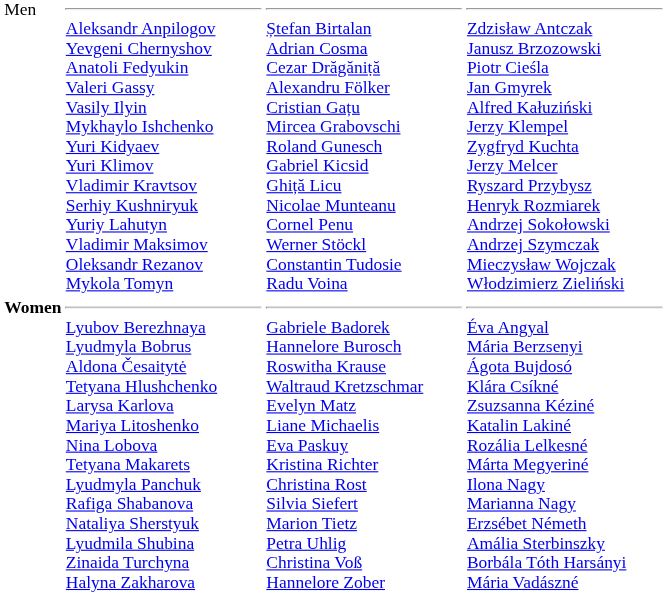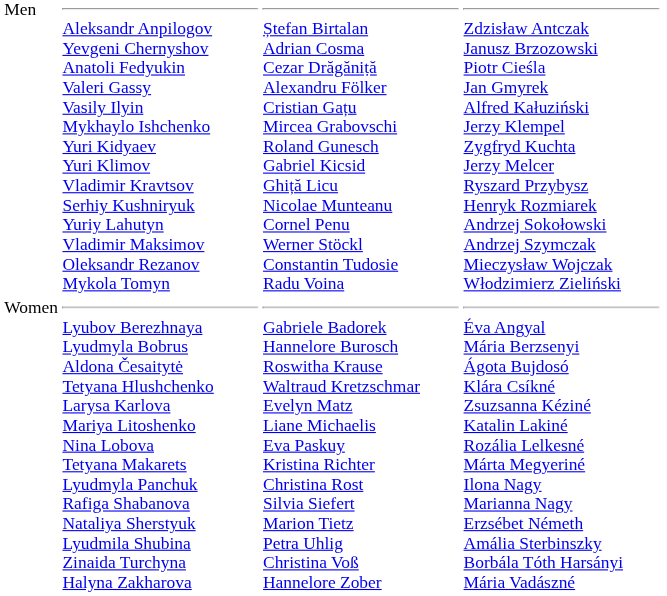 <table>
 <tr valign=top>
 <td>Men <br></td>
 <td width=180><hr> <a href='#'>Aleksandr Anpilogov</a><br><a href='#'>Yevgeni Chernyshov</a><br><a href='#'>Anatoli Fedyukin</a><br><a href='#'>Valeri Gassy</a><br><a href='#'>Vasily Ilyin</a><br><a href='#'>Mykhaylo Ishchenko</a><br><a href='#'>Yuri Kidyaev</a><br><a href='#'>Yuri Klimov</a><br><a href='#'>Vladimir Kravtsov</a><br><a href='#'>Serhiy Kushniryuk</a><br><a href='#'>Yuriy Lahutyn</a><br><a href='#'>Vladimir Maksimov</a><br><a href='#'>Oleksandr Rezanov</a><br><a href='#'>Mykola Tomyn</a></td>
 <td width=180><hr> <a href='#'>Ștefan Birtalan</a><br><a href='#'>Adrian Cosma</a><br><a href='#'>Cezar Drăgăniṭă</a><br><a href='#'>Alexandru Fölker</a><br><a href='#'>Cristian Gațu</a><br><a href='#'>Mircea Grabovschi</a><br><a href='#'>Roland Gunesch</a><br><a href='#'>Gabriel Kicsid</a><br><a href='#'>Ghiță Licu</a><br><a href='#'>Nicolae Munteanu</a><br><a href='#'>Cornel Penu</a><br><a href='#'>Werner Stöckl</a><br><a href='#'>Constantin Tudosie</a><br><a href='#'>Radu Voina</a></td>
 <td width=180><hr> <a href='#'>Zdzisław Antczak</a><br><a href='#'>Janusz Brzozowski</a><br><a href='#'>Piotr Cieśla</a><br><a href='#'>Jan Gmyrek</a><br><a href='#'>Alfred Kałuziński</a><br><a href='#'>Jerzy Klempel</a><br><a href='#'>Zygfryd Kuchta</a><br><a href='#'>Jerzy Melcer</a><br><a href='#'>Ryszard Przybysz</a><br><a href='#'>Henryk Rozmiarek</a><br><a href='#'>Andrzej Sokołowski</a><br><a href='#'>Andrzej Szymczak</a><br><a href='#'>Mieczysław Wojczak</a><br><a href='#'>Włodzimierz Zieliński</a></td>
 </tr>
 <tr valign=top>
-<td><strong>Women <br></strong></td>
+<td>Women <br></td>
 <td width=180><hr> <a href='#'>Lyubov Berezhnaya</a><br><a href='#'>Lyudmyla Bobrus</a><br><a href='#'>Aldona Česaitytė</a><br><a href='#'>Tetyana Hlushchenko</a><br><a href='#'>Larysa Karlova</a><br><a href='#'>Mariya Litoshenko</a><br><a href='#'>Nina Lobova</a><br><a href='#'>Tetyana Makarets</a><br><a href='#'>Lyudmyla Panchuk</a><br><a href='#'>Rafiga Shabanova</a><br><a href='#'>Nataliya Sherstyuk</a><br><a href='#'>Lyudmila Shubina</a><br><a href='#'>Zinaida Turchyna</a><br><a href='#'>Halyna Zakharova</a></td>
 <td width=180><hr> <a href='#'>Gabriele Badorek</a><br><a href='#'>Hannelore Burosch</a><br><a href='#'>Roswitha Krause</a><br><a href='#'>Waltraud Kretzschmar</a><br><a href='#'>Evelyn Matz</a><br><a href='#'>Liane Michaelis</a><br><a href='#'>Eva Paskuy</a><br><a href='#'>Kristina Richter</a><br><a href='#'>Christina Rost</a><br><a href='#'>Silvia Siefert</a><br><a href='#'>Marion Tietz</a><br><a href='#'>Petra Uhlig</a><br><a href='#'>Christina Voß</a><br><a href='#'>Hannelore Zober</a></td>
 <td width=180><hr> <a href='#'>Éva Angyal</a><br><a href='#'>Mária Berzsenyi</a><br><a href='#'>Ágota Bujdosó</a><br><a href='#'>Klára Csíkné</a><br><a href='#'>Zsuzsanna Kéziné</a><br><a href='#'>Katalin Lakiné</a><br><a href='#'>Rozália Lelkesné</a><br><a href='#'>Márta Megyeriné</a><br><a href='#'>Ilona Nagy</a><br><a href='#'>Marianna Nagy</a><br><a href='#'>Erzsébet Németh</a><br><a href='#'>Amália Sterbinszky</a><br><a href='#'>Borbála Tóth Harsányi</a><br><a href='#'>Mária Vadászné</a></td>
 </tr>
 </table>
